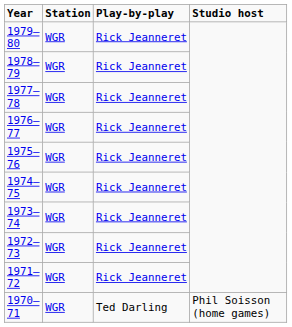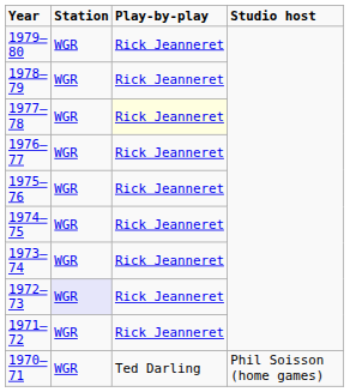 <table class="wikitable">
 <tr>
 <td width="40"><strong>Year</strong></td>
 <td width="40"><strong>Station</strong></td>
 <td width="110"><strong>Play-by-play</strong></td>
 <td width="110"><strong>Studio host</strong></td>
 </tr>
 <tr>
 <td><a href='#'>1979–80</a></td>
 <td><a href='#'>WGR</a></td>
 <td><a href='#'>Rick Jeanneret</a></td>
 </tr>
 <tr>
 <td><a href='#'>1978–79</a></td>
 <td><a href='#'>WGR</a></td>
 <td><a href='#'>Rick Jeanneret</a></td>
 </tr>
 <tr>
 <td><a href='#'>1977–78</a></td>
 <td><a href='#'>WGR</a></td>
-<td><a href='#'>Rick Jeanneret</a></td>
+<td style="background: lightyellow;"><a href='#'>Rick Jeanneret</a></td>
 </tr>
 <tr>
 <td><a href='#'>1976–77</a></td>
 <td><a href='#'>WGR</a></td>
 <td><a href='#'>Rick Jeanneret</a></td>
 </tr>
 <tr>
 <td><a href='#'>1975–76</a></td>
 <td><a href='#'>WGR</a></td>
 <td><a href='#'>Rick Jeanneret</a></td>
 </tr>
 <tr>
 <td><a href='#'>1974–75</a></td>
 <td><a href='#'>WGR</a></td>
 <td><a href='#'>Rick Jeanneret</a></td>
 </tr>
 <tr>
 <td><a href='#'>1973–74</a></td>
 <td><a href='#'>WGR</a></td>
 <td><a href='#'>Rick Jeanneret</a></td>
 </tr>
 <tr>
 <td><a href='#'>1972–73</a></td>
-<td><a href='#'>WGR</a></td>
+<td style="background: lavender;"><a href='#'>WGR</a></td>
 <td><a href='#'>Rick Jeanneret</a></td>
 </tr>
 <tr>
 <td><a href='#'>1971–72</a></td>
 <td><a href='#'>WGR</a></td>
 <td><a href='#'>Rick Jeanneret</a></td>
 </tr>
 <tr>
 <td><a href='#'>1970–71</a></td>
 <td><a href='#'>WGR</a></td>
 <td>Ted Darling</td>
 <td>Phil Soisson (home games)</td>
 </tr>
 </table>
